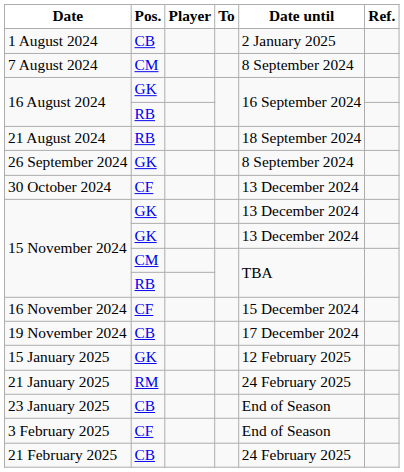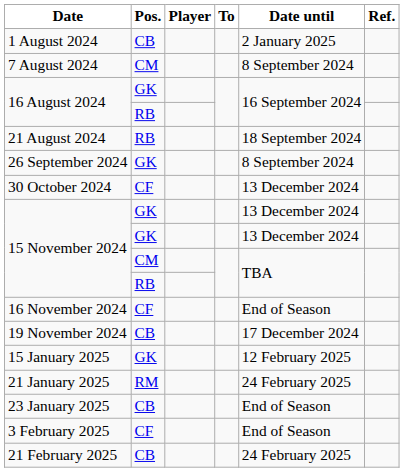 <table class="wikitable plainrowheaders sortable">
 <tr>
 <th style="background:white; color:black; ">Date</th>
 <th style="background:white; color:black; ">Pos.</th>
 <th style="background:white; color:black; ">Player</th>
 <th style="background:white; color:black; ">To</th>
 <th style="background:white; color:black; ">Date until</th>
 <th style="background:white; color:black; ">Ref.</th>
 </tr>
 <tr>
 <td>1 August 2024</td>
 <td><a href='#'>CB</a></td>
 <td></td>
 <td></td>
 <td>2 January 2025</td>
 <td></td>
 </tr>
 <tr>
 <td>7 August 2024</td>
 <td><a href='#'>CM</a></td>
 <td></td>
 <td></td>
 <td>8 September 2024</td>
 <td></td>
 </tr>
 <tr>
 <td rowspan="2">16 August 2024</td>
 <td><a href='#'>GK</a></td>
 <td></td>
 <td rowspan="2"></td>
 <td rowspan="2">16 September 2024</td>
 <td></td>
 </tr>
 <tr>
 <td><a href='#'>RB</a></td>
 <td></td>
 <td></td>
 </tr>
 <tr>
 <td>21 August 2024</td>
 <td><a href='#'>RB</a></td>
 <td></td>
 <td></td>
 <td>18 September 2024</td>
 <td></td>
 </tr>
 <tr>
 <td>26 September 2024</td>
 <td><a href='#'>GK</a></td>
 <td></td>
 <td></td>
 <td>8 September 2024</td>
 <td></td>
 </tr>
 <tr>
 <td>30 October 2024</td>
 <td><a href='#'>CF</a></td>
 <td></td>
 <td></td>
 <td>13 December 2024</td>
 <td></td>
 </tr>
 <tr>
 <td rowspan="4">15 November 2024</td>
 <td><a href='#'>GK</a></td>
 <td></td>
 <td></td>
 <td>13 December 2024</td>
 <td></td>
 </tr>
 <tr>
 <td><a href='#'>GK</a></td>
 <td></td>
 <td></td>
 <td>13 December 2024</td>
 <td></td>
 </tr>
 <tr>
 <td><a href='#'>CM</a></td>
 <td></td>
 <td rowspan="2"></td>
 <td rowspan="2">TBA</td>
 <td rowspan="2"></td>
 </tr>
 <tr>
 <td><a href='#'>RB</a></td>
 <td></td>
 </tr>
 <tr>
 <td>16 November 2024</td>
 <td><a href='#'>CF</a></td>
 <td></td>
 <td></td>
-<td>15 December 2024</td>
+<td>End of Season</td>
 <td></td>
 </tr>
 <tr>
 <td>19 November 2024</td>
 <td><a href='#'>CB</a></td>
 <td></td>
 <td></td>
 <td>17 December 2024</td>
 <td></td>
 </tr>
 <tr>
 <td>15 January 2025</td>
 <td><a href='#'>GK</a></td>
 <td></td>
 <td></td>
 <td>12 February 2025</td>
 <td></td>
 </tr>
 <tr>
 <td>21 January 2025</td>
 <td><a href='#'>RM</a></td>
 <td></td>
 <td></td>
 <td>24 February 2025</td>
 <td></td>
 </tr>
 <tr>
 <td>23 January 2025</td>
 <td><a href='#'>CB</a></td>
 <td></td>
 <td></td>
 <td>End of Season</td>
 <td></td>
 </tr>
 <tr>
 <td>3 February 2025</td>
 <td><a href='#'>CF</a></td>
 <td></td>
 <td></td>
 <td>End of Season</td>
 <td></td>
 </tr>
 <tr>
 <td>21 February 2025</td>
 <td><a href='#'>CB</a></td>
 <td></td>
 <td></td>
 <td>24 February 2025</td>
 <td></td>
 </tr>
 </table>
